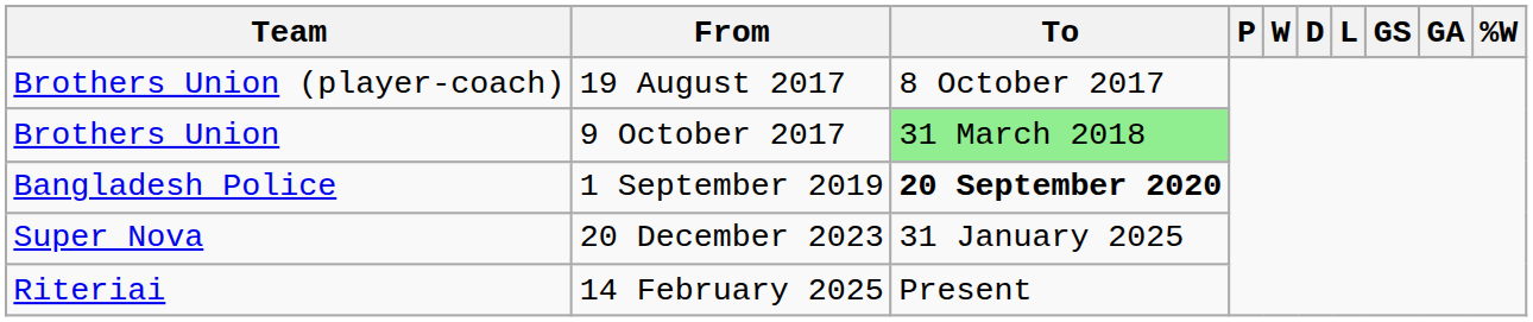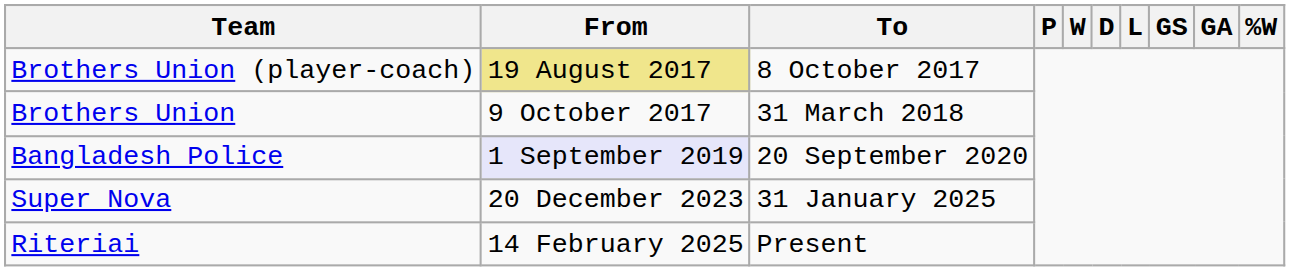 <table class="wikitable sortable" style="text-align: center">
 <tr>
 <th>Team</th>
 <th class="unsortable">From</th>
 <th class="unsortable">To</th>
 <th abbr="1">P</th>
 <th abbr="1">W</th>
 <th abbr="0">D</th>
 <th abbr="1">L</th>
 <th abbr="2">GS</th>
 <th abbr="4">GA</th>
 <th abbr="50">%W</th>
 </tr>
 <tr>
 <td align=left><a href='#'>Brothers Union</a> (player-coach)</td>
-<td align=left>19 August 2017</td>
+<td align=left style="background: khaki;">19 August 2017</td>
 <td align=left>8 October 2017<br></td>
 </tr>
 <tr>
 <td align=left><a href='#'>Brothers Union</a></td>
 <td align=left>9 October 2017</td>
-<td align=left style="background: lightgreen;">31 March 2018<br></td>
+<td align=left>31 March 2018<br></td>
 </tr>
 <tr>
 <td align=left><a href='#'>Bangladesh Police</a></td>
-<td align=left>1 September 2019</td>
-<td align=left><strong>20 September 2020<br></strong></td>
+<td align=left style="background: lavender;">1 September 2019</td>
+<td align=left>20 September 2020<br></td>
 </tr>
 <tr>
 <td align=left><a href='#'>Super Nova</a></td>
 <td align=left>20 December 2023</td>
 <td align=left>31 January 2025<br></td>
 </tr>
 <tr>
 <td align=left><a href='#'>Riteriai</a></td>
 <td align=left>14 February 2025</td>
 <td align=left>Present<br></td>
 </tr>
 </table>
